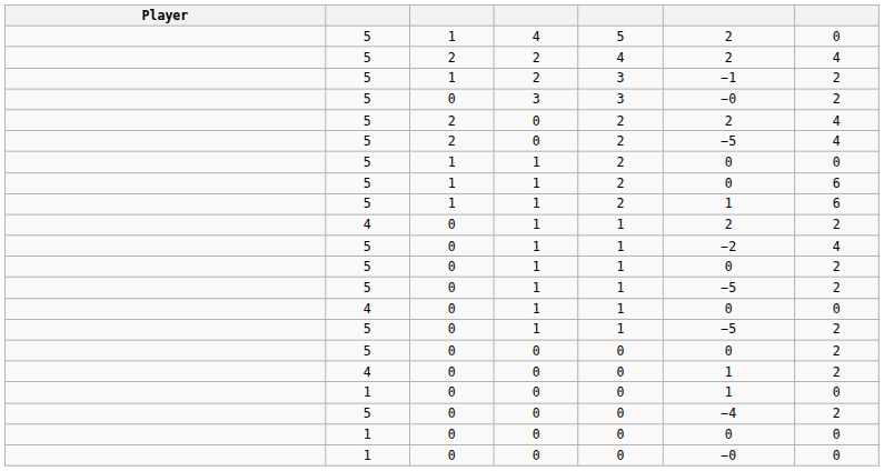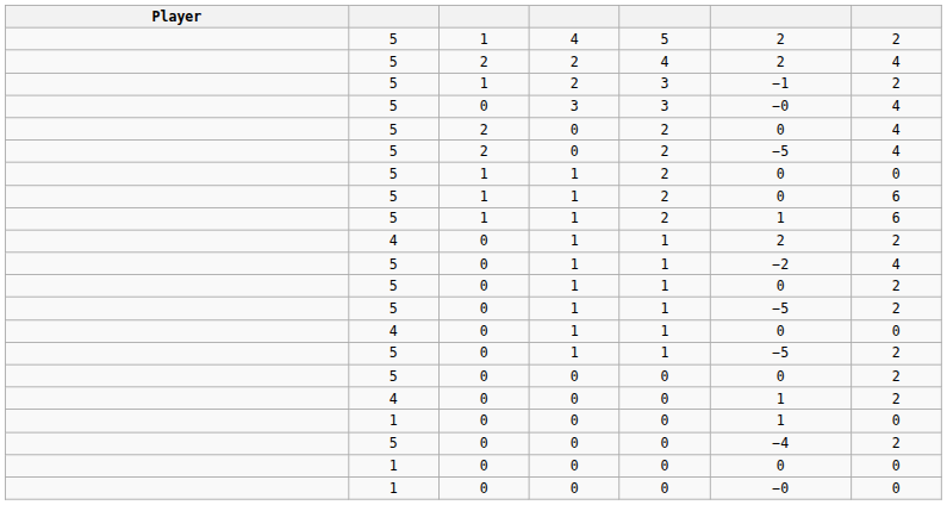 <table class="wikitable sortable" style="width:100%; text-align:center;">
 <tr align=center>
 <th>Player</th>
 <th></th>
 <th></th>
 <th></th>
 <th></th>
 <th data-sort-type="number"></th>
 <th></th>
 </tr>
 <tr>
 <td></td>
 <td>5</td>
 <td>1</td>
 <td>4</td>
 <td>5</td>
 <td>2</td>
-<td>0</td>
+<td>2</td>
 </tr>
 <tr>
 <td></td>
 <td>5</td>
 <td>2</td>
 <td>2</td>
 <td>4</td>
 <td>2</td>
 <td>4</td>
 </tr>
 <tr>
 <td></td>
 <td>5</td>
 <td>1</td>
 <td>2</td>
 <td>3</td>
 <td>−1</td>
 <td>2</td>
 </tr>
 <tr>
 <td></td>
 <td>5</td>
 <td>0</td>
 <td>3</td>
 <td>3</td>
 <td>−0</td>
-<td>2</td>
+<td>4</td>
 </tr>
 <tr>
 <td></td>
 <td>5</td>
 <td>2</td>
 <td>0</td>
 <td>2</td>
-<td>2</td>
+<td>0</td>
 <td>4</td>
 </tr>
 <tr>
 <td></td>
 <td>5</td>
 <td>2</td>
 <td>0</td>
 <td>2</td>
 <td>−5</td>
 <td>4</td>
 </tr>
 <tr>
 <td></td>
 <td>5</td>
 <td>1</td>
 <td>1</td>
 <td>2</td>
 <td>0</td>
 <td>0</td>
 </tr>
 <tr>
 <td></td>
 <td>5</td>
 <td>1</td>
 <td>1</td>
 <td>2</td>
 <td>0</td>
 <td>6</td>
 </tr>
 <tr>
 <td></td>
 <td>5</td>
 <td>1</td>
 <td>1</td>
 <td>2</td>
 <td>1</td>
 <td>6</td>
 </tr>
 <tr>
 <td></td>
 <td>4</td>
 <td>0</td>
 <td>1</td>
 <td>1</td>
 <td>2</td>
 <td>2</td>
 </tr>
 <tr>
 <td></td>
 <td>5</td>
 <td>0</td>
 <td>1</td>
 <td>1</td>
 <td>−2</td>
 <td>4</td>
 </tr>
 <tr>
 <td></td>
 <td>5</td>
 <td>0</td>
 <td>1</td>
 <td>1</td>
 <td>0</td>
 <td>2</td>
 </tr>
 <tr>
 <td></td>
 <td>5</td>
 <td>0</td>
 <td>1</td>
 <td>1</td>
 <td>−5</td>
 <td>2</td>
 </tr>
 <tr>
 <td></td>
 <td>4</td>
 <td>0</td>
 <td>1</td>
 <td>1</td>
 <td>0</td>
 <td>0</td>
 </tr>
 <tr>
 <td></td>
 <td>5</td>
 <td>0</td>
 <td>1</td>
 <td>1</td>
 <td>−5</td>
 <td>2</td>
 </tr>
 <tr>
 <td></td>
 <td>5</td>
 <td>0</td>
 <td>0</td>
 <td>0</td>
 <td>0</td>
 <td>2</td>
 </tr>
 <tr>
 <td></td>
 <td>4</td>
 <td>0</td>
 <td>0</td>
 <td>0</td>
 <td>1</td>
 <td>2</td>
 </tr>
 <tr>
 <td></td>
 <td>1</td>
 <td>0</td>
 <td>0</td>
 <td>0</td>
 <td>1</td>
 <td>0</td>
 </tr>
 <tr>
 <td></td>
 <td>5</td>
 <td>0</td>
 <td>0</td>
 <td>0</td>
 <td>−4</td>
 <td>2</td>
 </tr>
 <tr>
 <td></td>
 <td>1</td>
 <td>0</td>
 <td>0</td>
 <td>0</td>
 <td>0</td>
 <td>0</td>
 </tr>
 <tr>
 <td></td>
 <td>1</td>
 <td>0</td>
 <td>0</td>
 <td>0</td>
 <td>−0</td>
 <td>0</td>
 </tr>
 </table>
